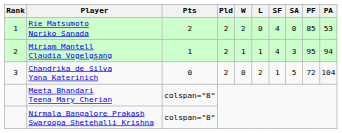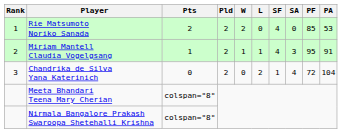 <table class=wikitable style="text-align:center; font-size:90%">
 <tr>
 <th width="20">Rank</th>
 <th width="200">Player</th>
 <th width="20">Pts</th>
 <th width="20">Pld</th>
 <th width="20">W</th>
 <th width="20">L</th>
 <th width="20">SF</th>
 <th width="20">SA</th>
 <th width="20">PF</th>
 <th width="20">PA</th>
 </tr>
 <tr bgcolor="#ccffcc">
 <td>1</td>
 <td style="text-align:left"> <a href='#'>Rie Matsumoto</a><br> <a href='#'>Noriko Sanada</a></td>
 <td>2</td>
 <td>2</td>
 <td>2</td>
 <td>0</td>
 <td>4</td>
 <td>0</td>
 <td>85</td>
 <td>53</td>
 </tr>
 <tr bgcolor="#ccffcc">
 <td>2</td>
 <td style="text-align:left"> <a href='#'>Miriam Mantell</a><br> <a href='#'>Claudia Vogelgsang</a></td>
 <td>1</td>
 <td>2</td>
 <td>1</td>
 <td>1</td>
 <td>4</td>
 <td>3</td>
 <td>95</td>
-<td>94</td>
+<td>91</td>
 </tr>
 <tr>
 <td>3</td>
 <td style="text-align:left"> <a href='#'>Chandrika de Silva</a><br> <a href='#'>Yana Katerinich</a></td>
 <td>0</td>
 <td>2</td>
 <td>0</td>
 <td>2</td>
 <td>1</td>
-<td>5</td>
+<td>4</td>
 <td>72</td>
 <td>104</td>
 </tr>
 <tr>
 <td></td>
 <td style="text-align:left"> <a href='#'>Meeta Bhandari</a><br> <a href='#'>Teena Mary Cherian</a></td>
 <td>colspan="8" </td>
 </tr>
 <tr>
 <td></td>
 <td style="text-align:left"> <a href='#'>Nirmala Bangalore Prakash</a><br> <a href='#'>Swaroopa Shetehalli Krishna</a></td>
 <td>colspan="8" </td>
 </tr>
 </table>
